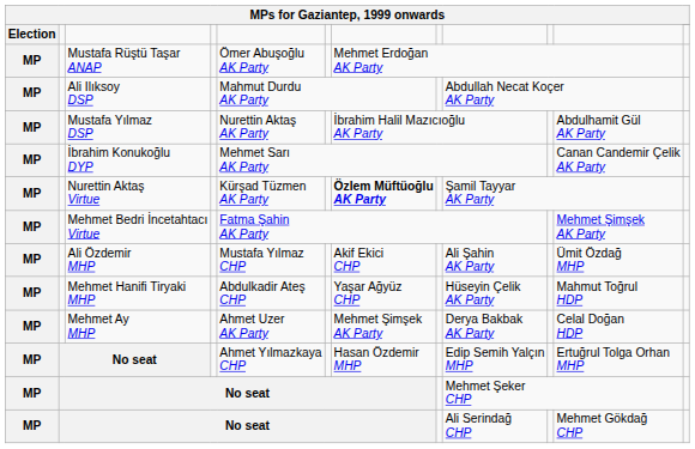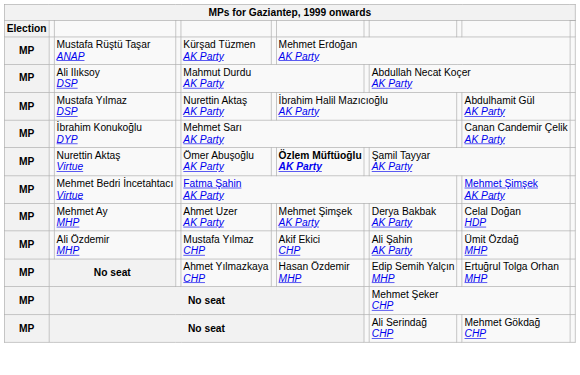 <table class="wikitable">
 <tr>
 <th colspan = 12>MPs for Gaziantep, 1999 onwards</th>
 </tr>
 <tr>
 <th rowspan = 2>Election</th>
 <td rowspan="2" style="width:1px;"></td>
 <td rowspan = 2></td>
 <td rowspan="2" style="width:1px;"></td>
 <td rowspan = 2></td>
 <td rowspan="2" style="width:1px;"></td>
 <td rowspan = 2></td>
 <td rowspan="2" style="width:1px;"></td>
 <td rowspan = 2></td>
 <td rowspan="2" style="width:1px;"></td>
 <td rowspan = 2></td>
 </tr>
 <tr>
 <td></td>
 </tr>
 <tr>
 <th>MP</th>
 <td width=1px style="background-color: "></td>
 <td colspan = 1>Mustafa Rüştü Taşar<br><em><a href='#'>ANAP</a></em></td>
 <td width=1px style="background-color: "></td>
-<td colspan = 1>Ömer Abuşoğlu<br><em><a href='#'>AK Party</a></em></td>
+<td colspan = 1>Kürşad Tüzmen<br><em><a href='#'>AK Party</a></em></td>
 <td width=1px style="background-color: "></td>
 <td colspan = 5>Mehmet Erdoğan<br><em><a href='#'>AK Party</a></em></td>
 <td width=1px style="background-color: "></td>
 </tr>
 <tr>
 <th>MP</th>
 <td width=1px style="background-color: "></td>
 <td colspan = 1>Ali Ilıksoy<br><em><a href='#'>DSP</a></em></td>
 <td width=1px style="background-color: "></td>
 <td colspan = 3>Mahmut Durdu<br><em><a href='#'>AK Party</a></em></td>
 <td width=1px style="background-color: "></td>
 <td colspan = 3>Abdullah Necat Koçer<br><em><a href='#'>AK Party</a></em></td>
 <td width=1px style="background-color: "></td>
 </tr>
 <tr>
 <th>MP</th>
 <td width=1px style="background-color: "></td>
 <td colspan = 1>Mustafa Yılmaz<br><em><a href='#'>DSP</a></em></td>
 <td width=1px style="background-color: "></td>
 <td colspan = 1>Nurettin Aktaş<br><em><a href='#'>AK Party</a></em></td>
 <td width=1px style="background-color: "></td>
 <td colspan = 3>İbrahim Halil Mazıcıoğlu<br><em><a href='#'>AK Party</a></em></td>
 <td width=1px style="background-color: "></td>
 <td colspan = 1>Abdulhamit Gül<br><em><a href='#'>AK Party</a></em></td>
 <td width=1px style="background-color: "></td>
 </tr>
 <tr>
 <th>MP</th>
 <td width=1px style="background-color: "></td>
 <td colspan = 1>İbrahim Konukoğlu<br><em><a href='#'>DYP</a></em></td>
 <td width=1px style="background-color: "></td>
 <td colspan = 5>Mehmet Sarı<br><em><a href='#'>AK Party</a></em></td>
 <td width=1px style="background-color: "></td>
 <td colspan = 1>Canan Candemir Çelik<br><em><a href='#'>AK Party</a></em></td>
 <td width=1px style="background-color: "></td>
 </tr>
 <tr>
 <th>MP</th>
 <td width=1px style="background-color: "></td>
 <td colspan = 1>Nurettin Aktaş<br><em><a href='#'>Virtue</a></em></td>
 <td width=1px style="background-color: "></td>
-<td colspan = 1>Kürşad Tüzmen<br><em><a href='#'>AK Party</a></em></td>
+<td colspan = 1>Ömer Abuşoğlu<br><em><a href='#'>AK Party</a></em></td>
 <td width=1px style="background-color: "></td>
 <td colspan = 1><strong>Özlem Müftüoğlu<br><em><a href='#'>AK Party</a></em></strong></td>
 <td width=1px style="background-color: "></td>
 <td colspan = 3>Şamil Tayyar<br><em><a href='#'>AK Party</a></em></td>
 <td width=1px style="background-color: "></td>
 </tr>
 <tr>
 <th>MP</th>
 <td width=1px style="background-color: "></td>
 <td colspan = 1>Mehmet Bedri İncetahtacı<br><em><a href='#'>Virtue</a></em></td>
 <td width=1px style="background-color: "></td>
 <td colspan = 5><a href='#'>Fatma Şahin</a><br><em><a href='#'>AK Party</a></em></td>
 <td width=1px style="background-color: "></td>
 <td colspan = 1><a href='#'>Mehmet Şimşek</a><br><em><a href='#'>AK Party</a></em></td>
 <td width=1px style="background-color: "></td>
 </tr>
 <tr>
 <th>MP</th>
 <td width=1px style="background-color: "></td>
+<td colspan = 1>Mehmet Ay<br><em><a href='#'>MHP</a></em></td>
+<td width=1px style="background-color: "></td>
+<td colspan = 1>Ahmet Uzer<br><em><a href='#'>AK Party</a></em></td>
+<td width=1px style="background-color: "></td>
+<td colspan = 1>Mehmet Şimşek<br><em><a href='#'>AK Party</a></em></td>
+<td width=1px style="background-color: "></td>
+<td colspan = 1>Derya Bakbak<br><em><a href='#'>AK Party</a></em></td>
+<td width=1px style="background-color: "></td>
+<td colspan = 1>Celal Doğan<br><em><a href='#'>HDP</a></em></td>
+<td width=1px style="background-color: "></td>
+</tr>
+<tr>
+<th>MP</th>
+<td width=1px style="background-color: "></td>
 <td colspan = 1>Ali Özdemir<br><em><a href='#'>MHP</a></em></td>
 <td width=1px style="background-color: "></td>
 <td colspan = 1>Mustafa Yılmaz<br><em><a href='#'>CHP</a></em></td>
 <td width=1px style="background-color: "></td>
 <td colspan = 1>Akif Ekici<br><em><a href='#'>CHP</a></em></td>
 <td width=1px style="background-color: "></td>
 <td colspan = 1>Ali Şahin<br><em><a href='#'>AK Party</a></em></td>
 <td width=1px style="background-color: "></td>
 <td colspan = 1>Ümit Özdağ<br><em><a href='#'>MHP</a></em></td>
-<td width=1px style="background-color: "></td>
-</tr>
-<tr>
-<th>MP</th>
-<td width=1px style="background-color: "></td>
-<td colspan = 1>Mehmet Hanifi Tiryaki<br><em><a href='#'>MHP</a></em></td>
-<td width=1px style="background-color: "></td>
-<td colspan = 1>Abdulkadir Ateş<br><em><a href='#'>CHP</a></em></td>
-<td width=1px style="background-color: "></td>
-<td colspan = 1>Yaşar Ağyüz<br><em><a href='#'>CHP</a></em></td>
-<td width=1px style="background-color: "></td>
-<td colspan = 1>Hüseyin Çelik<br><em><a href='#'>AK Party</a></em></td>
-<td width=1px style="background-color: "></td>
-<td colspan = 1>Mahmut Toğrul<br><em><a href='#'>HDP</a></em></td>
-<td width=1px style="background-color: "></td>
-</tr>
-<tr>
-<th>MP</th>
-<td width=1px style="background-color: "></td>
-<td colspan = 1>Mehmet Ay<br><em><a href='#'>MHP</a></em></td>
-<td width=1px style="background-color: "></td>
-<td colspan = 1>Ahmet Uzer<br><em><a href='#'>AK Party</a></em></td>
-<td width=1px style="background-color: "></td>
-<td colspan = 1>Mehmet Şimşek<br><em><a href='#'>AK Party</a></em></td>
-<td width=1px style="background-color: "></td>
-<td colspan = 1>Derya Bakbak<br><em><a href='#'>AK Party</a></em></td>
-<td width=1px style="background-color: "></td>
-<td colspan = 1>Celal Doğan<br><em><a href='#'>HDP</a></em></td>
 <td width=1px style="background-color: "></td>
 </tr>
 <tr>
 <th>MP</th>
 <th colspan = 2>No seat</th>
 <td width=1px style="background-color: "></td>
 <td colspan = 1>Ahmet Yılmazkaya<br><em><a href='#'>CHP</a></em></td>
 <td width=1px style="background-color: "></td>
 <td colspan = 1>Hasan Özdemir<br><em><a href='#'>MHP</a></em></td>
 <td width=1px style="background-color: "></td>
 <td colspan = 1>Edip Semih Yalçın<br><em><a href='#'>MHP</a></em></td>
 <td width=1px style="background-color: "></td>
 <td colspan = 1>Ertuğrul Tolga Orhan<br><em><a href='#'>MHP</a></em></td>
 <td width=1px style="background-color: "></td>
 </tr>
 <tr>
 <th>MP</th>
 <th colspan = 6>No seat</th>
 <td width=1px style="background-color: "></td>
 <td colspan = 3>Mehmet Şeker<br><em><a href='#'>CHP</a></em></td>
 <td width=1px style="background-color: "></td>
 </tr>
 <tr>
 <th>MP</th>
 <th colspan = 6>No seat</th>
 <td width=1px style="background-color: "></td>
 <td colspan = 1>Ali Serindağ<br><em><a href='#'>CHP</a></em></td>
 <td width=1px style="background-color: "></td>
 <td colspan = 1>Mehmet Gökdağ<br><em><a href='#'>CHP</a></em></td>
 <td width=1px style="background-color: "></td>
 </tr>
 </table>
